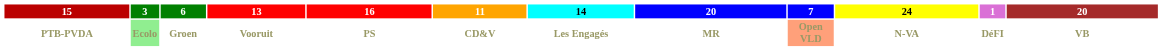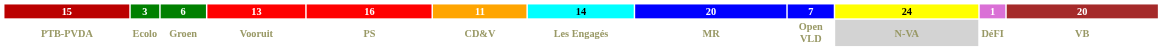 <table style="width:100%; font-size:88%; text-align:center;">
 <tr style="font-weight:bold">
 <td style="background:#BB0000; width:9.9%; color:white">15</td>
 <td style="background:green; width:1.80%; color:white">3</td>
 <td style="background:green; width:3.60%; color:white">6</td>
 <td style="background:red; width:7.80%; color:white">13</td>
 <td style="background:red; width:9.9%; color:white">16</td>
 <td style="background:orange; width:7.4%; color:white">11</td>
 <td style="background:aqua; width:8.40%; color:black">14</td>
 <td style="background:blue; width:12.00%; color:white">20</td>
 <td style="background:blue; width:3.60%; color:white">7</td>
 <td style="background:yellow; width:11.4%; color:black">24</td>
 <td style="background:orchid; width:1.00%; color:white">1</td>
 <td style="background:brown; width:12.00%; color:white">20</td>
 </tr>
 <tr style="font-weight:bold; color:#996;">
 <td>PTB-PVDA</td>
-<td style="background: lightgreen;">Ecolo</td>
+<td>Ecolo</td>
 <td>Groen</td>
 <td>Vooruit</td>
 <td>PS</td>
 <td>CD&V</td>
 <td>Les Engagés</td>
 <td>MR</td>
-<td style="background: lightsalmon;">Open VLD</td>
-<td>N-VA</td>
+<td>Open VLD</td>
+<td style="background: lightgrey;">N-VA</td>
 <td>DéFI</td>
 <td>VB</td>
 </tr>
 </table>
